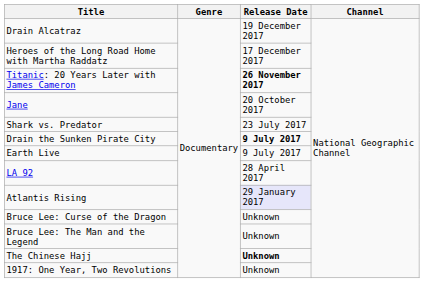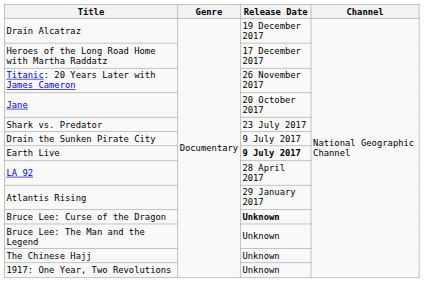 <table class="wikitable sortable">
 <tr>
 <th>Title</th>
 <th>Genre</th>
 <th>Release Date</th>
 <th>Channel</th>
 </tr>
 <tr>
 <td>Drain Alcatraz</td>
 <td rowspan="13">Documentary</td>
 <td>19 December 2017</td>
 <td rowspan="13">National Geographic Channel</td>
 </tr>
 <tr>
 <td>Heroes of the Long Road Home with Martha Raddatz</td>
 <td>17 December 2017</td>
 </tr>
 <tr>
 <td><a href='#'>Titanic</a>: 20 Years Later with <a href='#'>James Cameron</a></td>
-<td><strong>26 November 2017</strong></td>
+<td>26 November 2017</td>
 </tr>
 <tr>
 <td><a href='#'>Jane</a></td>
 <td>20 October 2017</td>
 </tr>
 <tr>
 <td>Shark vs. Predator</td>
 <td>23 July 2017</td>
 </tr>
 <tr>
 <td>Drain the Sunken Pirate City</td>
-<td><strong>9 July 2017</strong></td>
+<td>9 July 2017</td>
 </tr>
 <tr>
 <td>Earth Live</td>
-<td>9 July 2017</td>
+<td><strong>9 July 2017</strong></td>
 </tr>
 <tr>
 <td><a href='#'>LA 92</a></td>
 <td>28 April 2017</td>
 </tr>
 <tr>
 <td>Atlantis Rising</td>
-<td style="background: lavender;">29 January 2017</td>
+<td>29 January 2017</td>
 </tr>
 <tr>
 <td>Bruce Lee: Curse of the Dragon</td>
-<td>Unknown</td>
+<td><strong>Unknown</strong></td>
 </tr>
 <tr>
 <td>Bruce Lee: The Man and the Legend</td>
 <td>Unknown</td>
 </tr>
 <tr>
 <td>The Chinese Hajj</td>
-<td><strong>Unknown</strong></td>
+<td>Unknown</td>
 </tr>
 <tr>
 <td>1917: One Year, Two Revolutions</td>
 <td>Unknown</td>
 </tr>
 </table>
